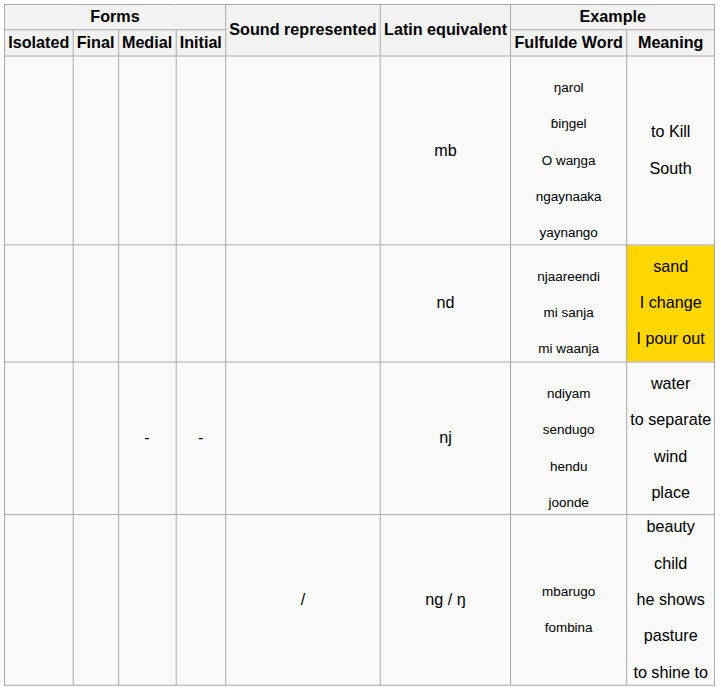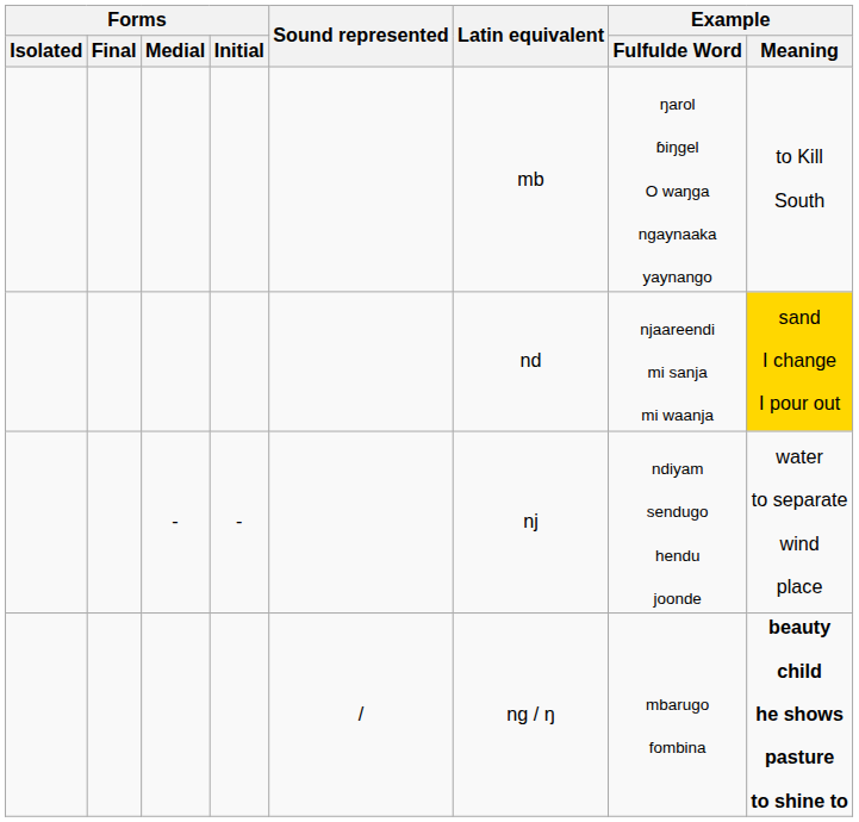 <table class="wikitable" style="text-align: center;">
 <tr>
 <th colspan="4">Forms</th>
 <th rowspan="2">Sound represented</th>
 <th rowspan="2">Latin equivalent</th>
 <th colspan="2">Example</th>
 </tr>
 <tr>
 <th>Isolated</th>
 <th>Final</th>
 <th>Medial</th>
 <th>Initial</th>
 <th>Fulfulde Word</th>
 <th>Meaning</th>
 </tr>
 <tr>
 <td><span></span></td>
 <td><span></span></td>
 <td><span></span></td>
 <td><span></span></td>
 <td></td>
 <td>mb</td>
 <td><br><small>ŋarol</small> <br><br><small>ɓiŋgel</small> <br><br><small>O waŋga</small> <br><br><small>ngaynaaka</small> <br><br><small>yaynango</small></td>
 <td>to Kill<br><br>South</td>
 </tr>
 <tr>
 <td><span></span></td>
 <td><span></span></td>
 <td><span></span></td>
 <td><span></span></td>
 <td></td>
 <td>nd</td>
 <td><br><small>njaareendi</small> <br><br><small>mi sanja</small> <br><br><small>mi waanja</small></td>
 <td style="background: gold;">sand<br><br>I change<br><br>I pour out</td>
 </tr>
 <tr>
 <td><span></span></td>
 <td><span></span></td>
 <td>-</td>
 <td>-</td>
 <td></td>
 <td>nj</td>
 <td><br><small>ndiyam</small> <br><br><small>sendugo</small> <br><br><small>hendu</small> <br><br><small>joonde</small></td>
 <td>water<br><br>to separate<br><br>wind<br><br>place</td>
 </tr>
 <tr>
 <td><span></span></td>
 <td><span></span></td>
 <td><span></span></td>
 <td><span></span></td>
 <td>/</td>
 <td>ng / ŋ</td>
 <td><br><small>mbarugo</small> <br><br><small>fombina</small></td>
-<td>beauty<br><br>child<br><br>he shows<br><br>pasture<br><br>to shine to</td>
+<td><strong>beauty<br><br>child<br><br>he shows<br><br>pasture<br><br>to shine to</strong></td>
 </tr>
 </table>
